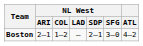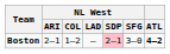 <table class="wikitable" style="text-align:center; font-size: 95%;">
 <tr>
 <th rowspan=2>Team</th>
 <th colspan=5>NL West</th>
 <th> </th>
 </tr>
 <tr>
 <th><strong>ARI</strong></th>
 <th><strong>COL</strong></th>
 <th><strong>LAD</strong></th>
 <th><strong>SDP</strong></th>
 <th><strong>SFG</strong></th>
 <th><strong>ATL</strong></th>
 </tr>
 <tr>
 <td><strong>Boston</strong></td>
 <td>2–1</td>
 <td>1–2</td>
 <td>—</td>
-<td>2–1</td>
+<td style="background: pink;">2–1</td>
 <td>3–0</td>
-<td>4–2</td>
+<td><strong>4–2</strong></td>
 </tr>
 </table>
